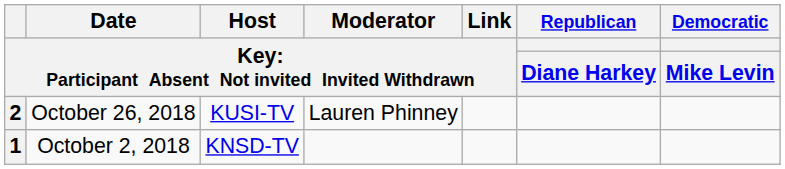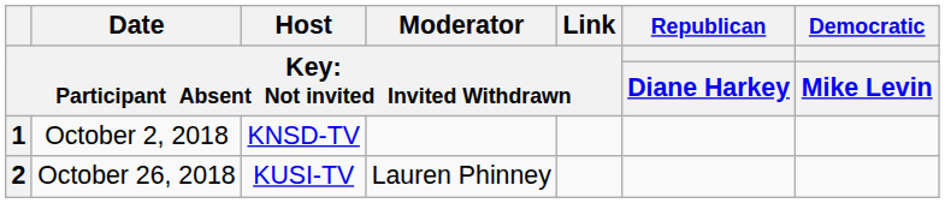 <table class="wikitable" style="text-align:center;">
 <tr>
 <th scope="col"></th>
 <th scope="col">Date</th>
 <th scope="col">Host</th>
 <th scope="col">Moderator</th>
 <th scope="col">Link</th>
 <th scope="col"><small><a href='#'>Republican</a></small></th>
 <th scope="col"><small><a href='#'>Democratic</a></small></th>
 </tr>
 <tr>
 <th colspan="5" rowspan="2">Key:<br> <small>Participant </small>  <small>Absent </small>  <small>Not invited </small>  <small>Invited  Withdrawn</small></th>
 <th scope="col" style="background:"></th>
 <th scope="col" style="background:"></th>
 </tr>
 <tr>
 <th scope="col"><a href='#'>Diane Harkey</a></th>
 <th scope="col"><a href='#'>Mike Levin</a></th>
 </tr>
 <tr>
+<th>1</th>
+<td style="white-space:nowrap;">October 2, 2018</td>
+<td style="white-space:nowrap;"><a href='#'>KNSD-TV</a></td>
+<td style="white-space:nowrap;"></td>
+<td style="white-space:nowrap;"></td>
+<td></td>
+<td></td>
+</tr>
+<tr>
 <th>2</th>
 <td style="white-space:nowrap;">October 26, 2018</td>
 <td style="white-space:nowrap;"><a href='#'>KUSI-TV</a></td>
 <td style="white-space:nowrap;">Lauren Phinney</td>
 <td style="white-space:nowrap;"></td>
 <td></td>
 <td></td>
 </tr>
-<tr>
-<th>1</th>
-<td style="white-space:nowrap;">October 2, 2018</td>
-<td style="white-space:nowrap;"><a href='#'>KNSD-TV</a></td>
-<td style="white-space:nowrap;"></td>
-<td style="white-space:nowrap;"></td>
-<td></td>
-<td></td>
-</tr>
 </table>
